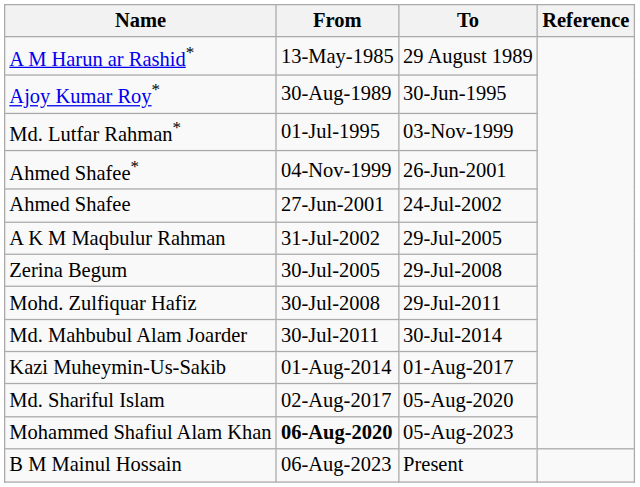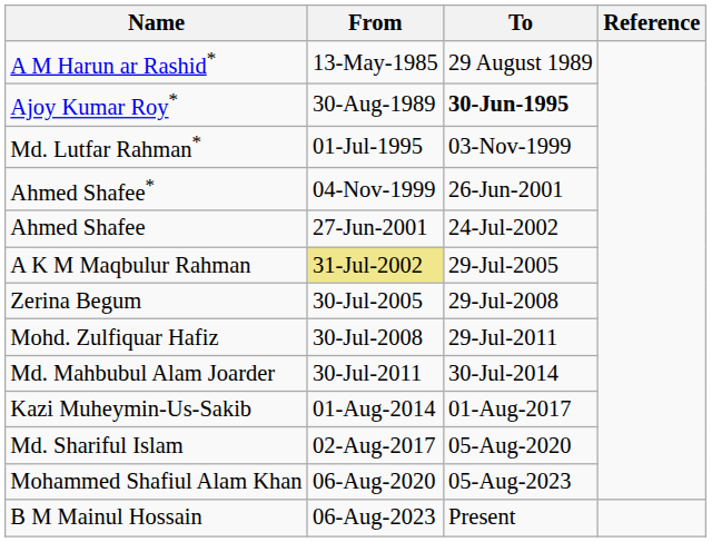 <table class="wikitable">
 <tr>
 <th>Name</th>
 <th>From</th>
 <th>To</th>
 <th>Reference</th>
 </tr>
 <tr>
 <td><a href='#'>A M Harun ar Rashid</a><sup>*</sup></td>
 <td>13-May-1985</td>
 <td>29 August 1989</td>
 <td rowspan="12"></td>
 </tr>
 <tr>
 <td><a href='#'>Ajoy Kumar Roy</a><sup>*</sup></td>
 <td>30-Aug-1989</td>
-<td>30-Jun-1995</td>
+<td><strong>30-Jun-1995</strong></td>
 </tr>
 <tr>
 <td>Md. Lutfar Rahman<sup>*</sup></td>
 <td>01-Jul-1995</td>
 <td>03-Nov-1999</td>
 </tr>
 <tr>
 <td>Ahmed Shafee<sup>*</sup></td>
 <td>04-Nov-1999</td>
 <td>26-Jun-2001</td>
 </tr>
 <tr>
 <td>Ahmed Shafee</td>
 <td>27-Jun-2001</td>
 <td>24-Jul-2002</td>
 </tr>
 <tr>
 <td>A K M Maqbulur Rahman</td>
-<td>31-Jul-2002</td>
+<td style="background: khaki;">31-Jul-2002</td>
 <td>29-Jul-2005</td>
 </tr>
 <tr>
 <td>Zerina Begum</td>
 <td>30-Jul-2005</td>
 <td>29-Jul-2008</td>
 </tr>
 <tr>
 <td>Mohd. Zulfiquar Hafiz</td>
 <td>30-Jul-2008</td>
 <td>29-Jul-2011</td>
 </tr>
 <tr>
 <td>Md. Mahbubul Alam Joarder</td>
 <td>30-Jul-2011</td>
 <td>30-Jul-2014</td>
 </tr>
 <tr>
 <td>Kazi Muheymin-Us-Sakib</td>
 <td>01-Aug-2014</td>
 <td>01-Aug-2017</td>
 </tr>
 <tr>
 <td>Md. Shariful Islam</td>
 <td>02-Aug-2017</td>
 <td>05-Aug-2020</td>
 </tr>
 <tr>
 <td>Mohammed Shafiul Alam Khan</td>
-<td><strong>06-Aug-2020</strong></td>
+<td>06-Aug-2020</td>
 <td>05-Aug-2023</td>
 </tr>
 <tr>
 <td>B M Mainul Hossain</td>
 <td>06-Aug-2023</td>
 <td>Present</td>
 </tr>
 </table>
